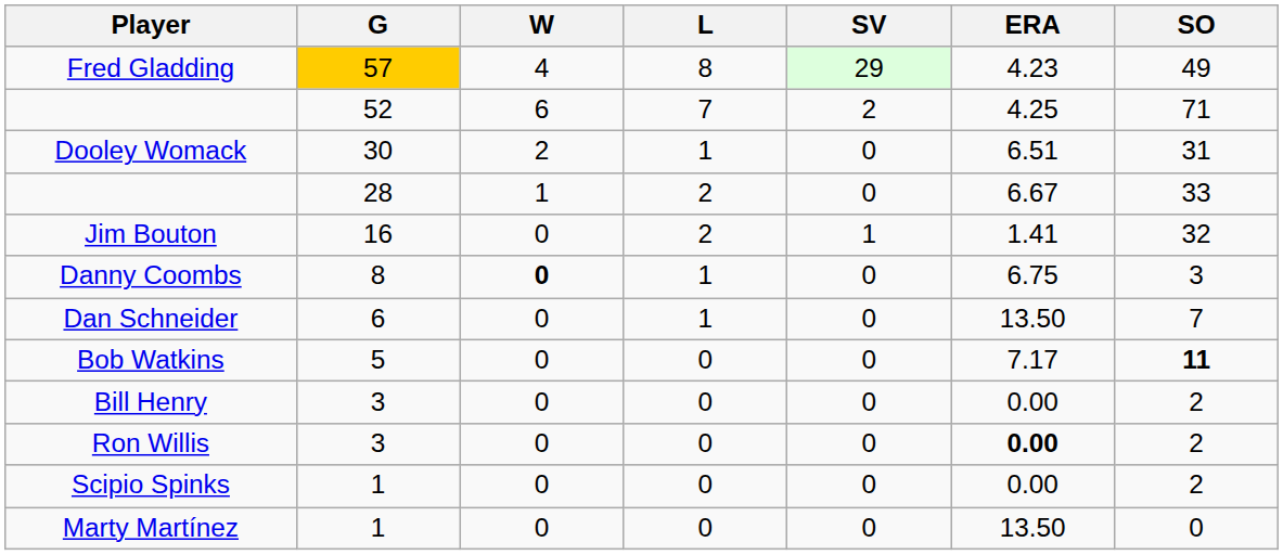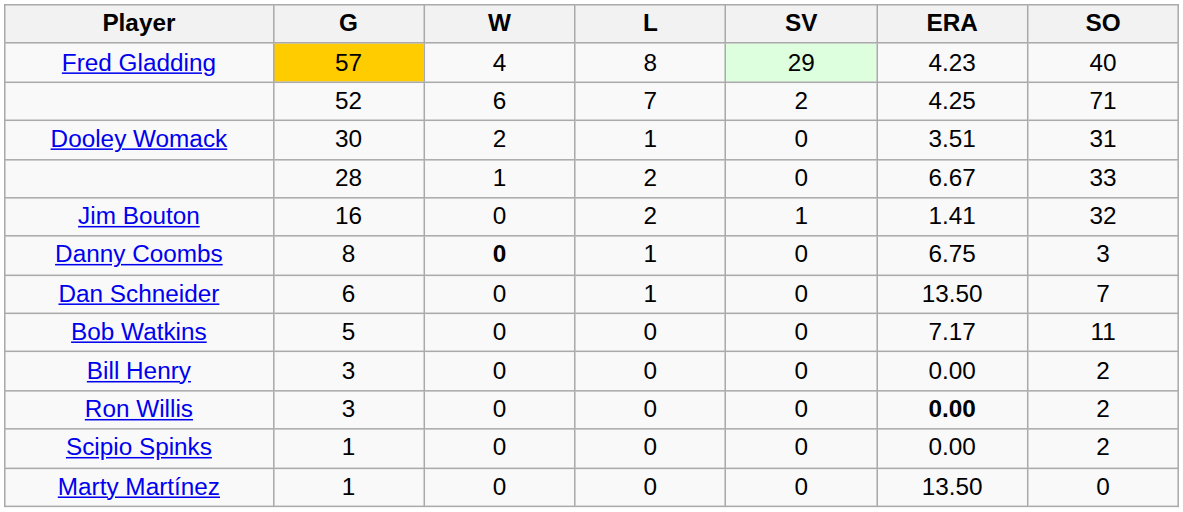 <table class="wikitable sortable">
 <tr>
 <th bgcolor="#DDDDFF" width="16%">Player</th>
 <th bgcolor="#DDDDFF" width="9%">G</th>
 <th bgcolor="#DDDDFF" width="9%">W</th>
 <th bgcolor="#DDDDFF" width="9%">L</th>
 <th bgcolor="#DDDDFF" width="9%">SV</th>
 <th bgcolor="#DDDDFF" width="9%">ERA</th>
 <th bgcolor="#DDDDFF" width="9%">SO</th>
 </tr>
 <tr align="center">
 <td><a href='#'>Fred Gladding</a></td>
 <td style="background:#fc0;">57</td>
 <td>4</td>
 <td>8</td>
 <td style="background:#DDFFDD;">29</td>
 <td>4.23</td>
-<td>49</td>
+<td>40</td>
 </tr>
 <tr align="center">
 <td></td>
 <td>52</td>
 <td>6</td>
 <td>7</td>
 <td>2</td>
 <td>4.25</td>
 <td>71</td>
 </tr>
 <tr align="center">
 <td><a href='#'>Dooley Womack</a></td>
 <td>30</td>
 <td>2</td>
 <td>1</td>
 <td>0</td>
-<td>6.51</td>
+<td>3.51</td>
 <td>31</td>
 </tr>
 <tr align="center">
 <td></td>
 <td>28</td>
 <td>1</td>
 <td>2</td>
 <td>0</td>
 <td>6.67</td>
 <td>33</td>
 </tr>
 <tr align="center">
 <td><a href='#'>Jim Bouton</a></td>
 <td>16</td>
 <td>0</td>
 <td>2</td>
 <td>1</td>
 <td>1.41</td>
 <td>32</td>
 </tr>
 <tr align="center">
 <td><a href='#'>Danny Coombs</a></td>
 <td>8</td>
 <td><strong>0</strong></td>
 <td>1</td>
 <td>0</td>
 <td>6.75</td>
 <td>3</td>
 </tr>
 <tr align="center">
 <td><a href='#'>Dan Schneider</a></td>
 <td>6</td>
 <td>0</td>
 <td>1</td>
 <td>0</td>
 <td>13.50</td>
 <td>7</td>
 </tr>
 <tr align="center">
 <td><a href='#'>Bob Watkins</a></td>
 <td>5</td>
 <td>0</td>
 <td>0</td>
 <td>0</td>
 <td>7.17</td>
-<td><strong>11</strong></td>
+<td>11</td>
 </tr>
 <tr align="center">
 <td><a href='#'>Bill Henry</a></td>
 <td>3</td>
 <td>0</td>
 <td>0</td>
 <td>0</td>
 <td>0.00</td>
 <td>2</td>
 </tr>
 <tr align="center">
 <td><a href='#'>Ron Willis</a></td>
 <td>3</td>
 <td>0</td>
 <td>0</td>
 <td>0</td>
 <td><strong>0.00</strong></td>
 <td>2</td>
 </tr>
 <tr align="center">
 <td><a href='#'>Scipio Spinks</a></td>
 <td>1</td>
 <td>0</td>
 <td>0</td>
 <td>0</td>
 <td>0.00</td>
 <td>2</td>
 </tr>
 <tr align="center">
 <td><a href='#'>Marty Martínez</a></td>
 <td>1</td>
 <td>0</td>
 <td>0</td>
 <td>0</td>
 <td>13.50</td>
 <td>0</td>
 </tr>
 </table>
